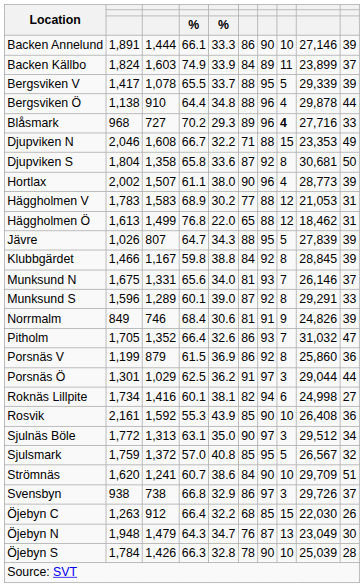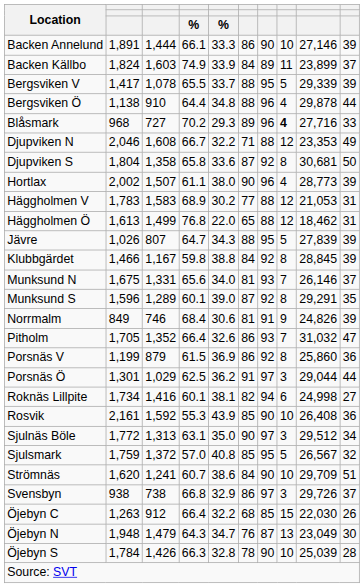 <table role="presentation" class="wikitable sortable mw-collapsible mw-collapsed">
 <tr>
 <th rowspan="3">Location</th>
 <th></th>
 <th></th>
 <th></th>
 <th></th>
 <th></th>
 <th></th>
 <th></th>
 <th></th>
 <th></th>
 </tr>
 <tr>
 <th></th>
 <th></th>
 <th style="background:"></th>
 <th style="background:"></th>
 <th></th>
 <th></th>
 <th></th>
 <th></th>
 <th></th>
 </tr>
 <tr>
 <th data-sort-type="number"></th>
 <th data-sort-type="number"></th>
 <th data-sort-type="number">%</th>
 <th data-sort-type="number">%</th>
 <th data-sort-type="number"></th>
 <th data-sort-type="number"></th>
 <th data-sort-type="number"></th>
 <th data-sort-type="number"></th>
 <th data-sort-type="number"></th>
 </tr>
 <tr>
 <td align="left">Backen Annelund</td>
 <td>1,891</td>
 <td>1,444</td>
 <td>66.1</td>
 <td>33.3</td>
 <td>86</td>
 <td>90</td>
 <td>10</td>
 <td>27,146</td>
 <td>39</td>
 </tr>
 <tr>
 <td align="left">Backen Källbo</td>
 <td>1,824</td>
 <td>1,603</td>
 <td>74.9</td>
 <td>33.9</td>
 <td>84</td>
 <td>89</td>
 <td>11</td>
 <td>23,899</td>
 <td>37</td>
 </tr>
 <tr>
 <td align="left">Bergsviken V</td>
 <td>1,417</td>
 <td>1,078</td>
 <td>65.5</td>
 <td>33.7</td>
 <td>88</td>
 <td>95</td>
 <td>5</td>
 <td>29,339</td>
 <td>39</td>
 </tr>
 <tr>
 <td align="left">Bergsviken Ö</td>
 <td>1,138</td>
 <td>910</td>
 <td>64.4</td>
 <td>34.8</td>
 <td>88</td>
 <td>96</td>
 <td>4</td>
 <td>29,878</td>
 <td>44</td>
 </tr>
 <tr>
 <td align="left">Blåsmark</td>
 <td>968</td>
 <td>727</td>
 <td>70.2</td>
 <td>29.3</td>
 <td>89</td>
 <td>96</td>
 <td><strong>4</strong></td>
 <td>27,716</td>
 <td>33</td>
 </tr>
 <tr>
 <td align="left">Djupviken N</td>
 <td>2,046</td>
 <td>1,608</td>
 <td>66.7</td>
 <td>32.2</td>
 <td>71</td>
 <td>88</td>
-<td>15</td>
+<td>12</td>
 <td>23,353</td>
 <td>49</td>
 </tr>
 <tr>
 <td align="left">Djupviken S</td>
 <td>1,804</td>
 <td>1,358</td>
 <td>65.8</td>
 <td>33.6</td>
 <td>87</td>
 <td>92</td>
 <td>8</td>
 <td>30,681</td>
 <td>50</td>
 </tr>
 <tr>
 <td align="left">Hortlax</td>
 <td>2,002</td>
 <td>1,507</td>
 <td>61.1</td>
 <td>38.0</td>
 <td>90</td>
 <td>96</td>
 <td>4</td>
 <td>28,773</td>
 <td>39</td>
 </tr>
 <tr>
 <td align="left">Häggholmen V</td>
 <td>1,783</td>
 <td>1,583</td>
 <td>68.9</td>
 <td>30.2</td>
 <td>77</td>
 <td>88</td>
 <td>12</td>
 <td>21,053</td>
 <td>31</td>
 </tr>
 <tr>
 <td align="left">Häggholmen Ö</td>
 <td>1,613</td>
 <td>1,499</td>
 <td>76.8</td>
 <td>22.0</td>
 <td>65</td>
 <td>88</td>
 <td>12</td>
 <td>18,462</td>
 <td>31</td>
 </tr>
 <tr>
 <td align="left">Jävre</td>
 <td>1,026</td>
 <td>807</td>
 <td>64.7</td>
 <td>34.3</td>
 <td>88</td>
 <td>95</td>
 <td>5</td>
 <td>27,839</td>
 <td>39</td>
 </tr>
 <tr>
 <td align="left">Klubbgärdet</td>
 <td>1,466</td>
 <td>1,167</td>
 <td>59.8</td>
 <td>38.8</td>
 <td>84</td>
 <td>92</td>
 <td>8</td>
 <td>28,845</td>
 <td>39</td>
 </tr>
 <tr>
 <td align="left">Munksund N</td>
 <td>1,675</td>
 <td>1,331</td>
 <td>65.6</td>
 <td>34.0</td>
 <td>81</td>
 <td>93</td>
 <td>7</td>
 <td>26,146</td>
 <td>37</td>
 </tr>
 <tr>
 <td align="left">Munksund S</td>
 <td>1,596</td>
 <td>1,289</td>
 <td>60.1</td>
 <td>39.0</td>
 <td>87</td>
 <td>92</td>
 <td>8</td>
 <td>29,291</td>
-<td>33</td>
+<td>35</td>
 </tr>
 <tr>
 <td align="left">Norrmalm</td>
 <td>849</td>
 <td>746</td>
 <td>68.4</td>
 <td>30.6</td>
 <td>81</td>
 <td>91</td>
 <td>9</td>
 <td>24,826</td>
 <td>39</td>
 </tr>
 <tr>
 <td align="left">Pitholm</td>
 <td>1,705</td>
 <td>1,352</td>
 <td>66.4</td>
 <td>32.6</td>
 <td>86</td>
 <td>93</td>
 <td>7</td>
 <td>31,032</td>
 <td>47</td>
 </tr>
 <tr>
 <td align="left">Porsnäs V</td>
 <td>1,199</td>
 <td>879</td>
 <td>61.5</td>
 <td>36.9</td>
 <td>86</td>
 <td>92</td>
 <td>8</td>
 <td>25,860</td>
 <td>36</td>
 </tr>
 <tr>
 <td align="left">Porsnäs Ö</td>
 <td>1,301</td>
 <td>1,029</td>
 <td>62.5</td>
 <td>36.2</td>
 <td>91</td>
 <td>97</td>
 <td>3</td>
 <td>29,044</td>
 <td>44</td>
 </tr>
 <tr>
 <td align="left">Roknäs Lillpite</td>
 <td>1,734</td>
 <td>1,416</td>
 <td>60.1</td>
 <td>38.1</td>
 <td>82</td>
 <td>94</td>
 <td>6</td>
 <td>24,998</td>
 <td>27</td>
 </tr>
 <tr>
 <td align="left">Rosvik</td>
 <td>2,161</td>
 <td>1,592</td>
 <td>55.3</td>
 <td>43.9</td>
 <td>85</td>
 <td>90</td>
 <td>10</td>
 <td>26,408</td>
 <td>36</td>
 </tr>
 <tr>
 <td align="left">Sjulnäs Böle</td>
 <td>1,772</td>
 <td>1,313</td>
 <td>63.1</td>
 <td>35.0</td>
 <td>90</td>
 <td>97</td>
 <td>3</td>
 <td>29,512</td>
 <td>34</td>
 </tr>
 <tr>
 <td align="left">Sjulsmark</td>
 <td>1,759</td>
 <td>1,372</td>
 <td>57.0</td>
 <td>40.8</td>
 <td>85</td>
 <td>95</td>
 <td>5</td>
 <td>26,567</td>
 <td>32</td>
 </tr>
 <tr>
 <td align="left">Strömnäs</td>
 <td>1,620</td>
 <td>1,241</td>
 <td>60.7</td>
 <td>38.6</td>
 <td>84</td>
 <td>90</td>
 <td>10</td>
 <td>29,709</td>
 <td>51</td>
 </tr>
 <tr>
 <td align="left">Svensbyn</td>
 <td>938</td>
 <td>738</td>
 <td>66.8</td>
 <td>32.9</td>
 <td>86</td>
 <td>97</td>
 <td>3</td>
 <td>29,726</td>
 <td>37</td>
 </tr>
 <tr>
 <td align="left">Öjebyn C</td>
 <td>1,263</td>
 <td>912</td>
 <td>66.4</td>
 <td>32.2</td>
 <td>68</td>
 <td>85</td>
 <td>15</td>
 <td>22,030</td>
 <td>26</td>
 </tr>
 <tr>
 <td align="left">Öjebyn N</td>
 <td>1,948</td>
 <td>1,479</td>
 <td>64.3</td>
 <td>34.7</td>
 <td>76</td>
 <td>87</td>
 <td>13</td>
 <td>23,049</td>
 <td>30</td>
 </tr>
 <tr>
 <td align="left">Öjebyn S</td>
 <td>1,784</td>
 <td>1,426</td>
 <td>66.3</td>
 <td>32.8</td>
 <td>78</td>
 <td>90</td>
 <td>10</td>
 <td>25,039</td>
 <td>28</td>
 </tr>
 <tr>
 <td colspan="10" align="left">Source: <a href='#'>SVT</a></td>
 </tr>
 </table>
